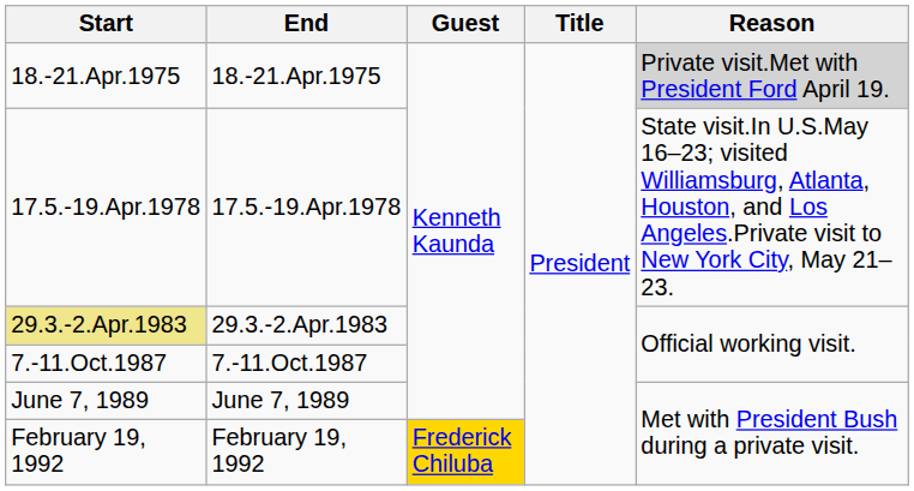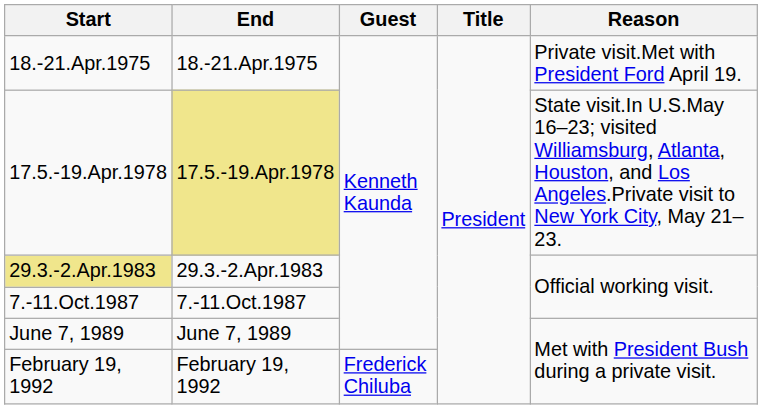 <table class="wikitable sortable">
 <tr>
 <th>Start</th>
 <th>End</th>
 <th>Guest</th>
 <th>Title</th>
 <th>Reason</th>
 </tr>
 <tr>
 <td>18.-21.Apr.1975</td>
 <td>18.-21.Apr.1975</td>
 <td rowspan=5><a href='#'>Kenneth Kaunda</a></td>
 <td rowspan=6><a href='#'>President</a></td>
-<td style="background: lightgrey;">Private visit.Met with <a href='#'>President Ford</a> April 19.</td>
+<td>Private visit.Met with <a href='#'>President Ford</a> April 19.</td>
 </tr>
 <tr>
 <td>17.5.-19.Apr.1978</td>
-<td>17.5.-19.Apr.1978</td>
+<td style="background: khaki;">17.5.-19.Apr.1978</td>
 <td>State visit.In U.S.May 16–23; visited <a href='#'>Williamsburg</a>, <a href='#'>Atlanta</a>, <a href='#'>Houston</a>, and <a href='#'>Los Angeles</a>.Private visit to <a href='#'>New York City</a>, May 21–23.</td>
 </tr>
 <tr>
 <td style="background: khaki;">29.3.-2.Apr.1983</td>
 <td>29.3.-2.Apr.1983</td>
 <td rowspan=2>Official working visit.</td>
 </tr>
 <tr>
 <td>7.-11.Oct.1987</td>
 <td>7.-11.Oct.1987</td>
 </tr>
 <tr>
 <td>June 7, 1989</td>
 <td>June 7, 1989</td>
 <td rowspan=2>Met with <a href='#'>President Bush</a> during a private visit.</td>
 </tr>
 <tr>
 <td>February 19, 1992</td>
 <td>February 19, 1992</td>
-<td style="background: gold;"><a href='#'>Frederick Chiluba</a></td>
+<td><a href='#'>Frederick Chiluba</a></td>
 </tr>
 </table>
